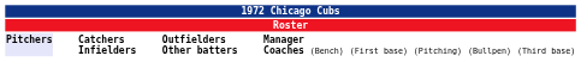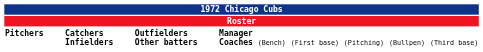 <table class="toccolours" style="font-size: 95%;">
 <tr>
 <th colspan="10" style="background-color: #0e3386; color: white; text-align: center;">1972 Chicago Cubs</th>
 </tr>
 <tr>
 <td colspan="10" style="background-color: #EE1422; color: white; text-align: center;"><strong>Roster</strong></td>
 </tr>
 <tr>
-<td valign="top" style="background: lavender;"><strong>Pitchers</strong><br>              </td>
+<td valign="top"><strong>Pitchers</strong><br>              </td>
 <td width="25px"></td>
 <td valign="top"><strong>Catchers</strong><br>     <strong>Infielders</strong>            </td>
 <td width="25px"></td>
 <td valign="top"><strong>Outfielders</strong><br>       <strong>Other batters</strong>  </td>
 <td width="25px"></td>
 <td valign="top"><strong>Manager</strong><br>  <strong>Coaches</strong>  <small>(Bench)</small>  <small>(First base)</small>  <small>(Pitching)</small>  <small>(Bullpen)</small>  <small>(Third base)</small></td>
 </tr>
 <tr>
 </tr>
 </table>
